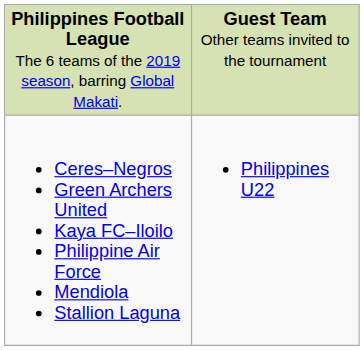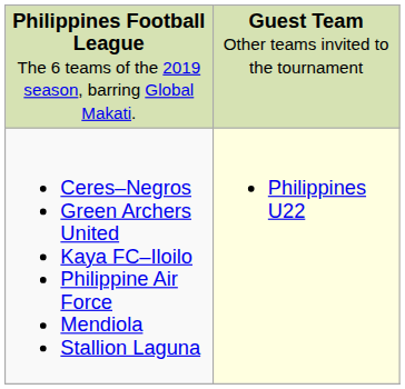 <table class="wikitable" width=50%>
 <tr style="background-color:#d6e2b3; text-align:center; vertical-align:top">
 <td><strong>Philippines Football League</strong><br><small>The 6 teams of the <a href='#'>2019 season</a>, barring <a href='#'>Global Makati</a>.</small></td>
 <td><strong>Guest Team</strong><br><small>Other teams invited to the tournament</small></td>
 </tr>
 <tr style="vertical-align:top">
 <td><br><ul><li><a href='#'>Ceres–Negros</a></li><li><a href='#'>Green Archers United</a></li><li><a href='#'>Kaya FC–Iloilo</a></li><li><a href='#'>Philippine Air Force</a></li><li><a href='#'>Mendiola</a></li><li><a href='#'>Stallion Laguna</a></li></ul></td>
-<td><br><ul><li><a href='#'>Philippines U22</a></li></ul></td>
+<td style="background: lightyellow;"><br><ul><li><a href='#'>Philippines U22</a></li></ul></td>
 </tr>
 <tr>
 </tr>
 </table>
